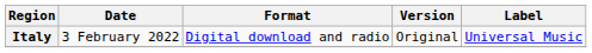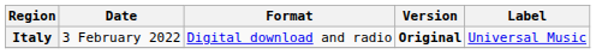 <table class="wikitable plainrowheaders">
 <tr>
 <th scope="col">Region</th>
 <th scope="col">Date</th>
 <th scope="col">Format</th>
 <th scope="col">Version</th>
 <th scope="col">Label</th>
 </tr>
 <tr>
 <th scope="row">Italy</th>
 <td>3 February 2022</td>
 <td><a href='#'>Digital download</a> and radio</td>
-<td>Original</td>
+<td><strong>Original</strong></td>
 <td><a href='#'>Universal Music</a></td>
 </tr>
 <tr>
 </tr>
 </table>
